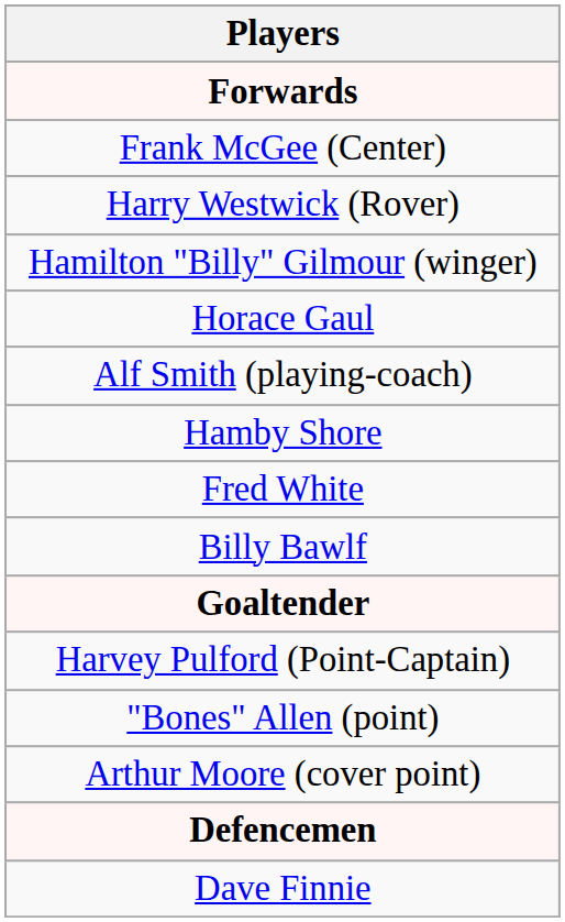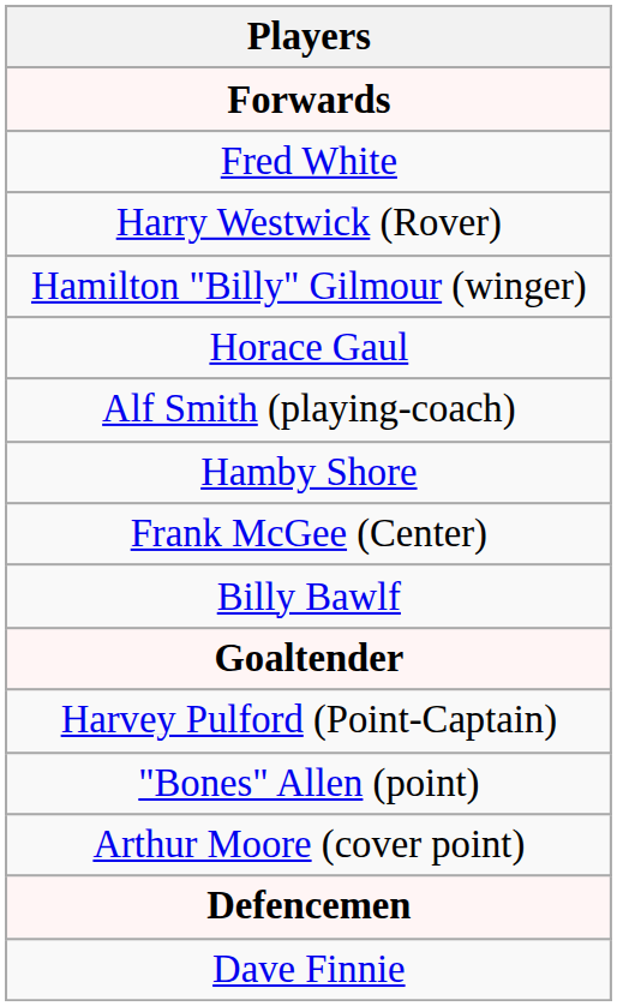 <table class="wikitable" style="text-align:center;">
 <tr>
 <th style="width: 240px;">Players</th>
 </tr>
 <tr style="font-weight:bold; background-color:#FFF5F5;">
 <td colspan="1" align="center"><strong>Forwards</strong></td>
 </tr>
 <tr>
-<td><a href='#'>Frank McGee</a> (Center)</td>
+<td><a href='#'>Fred White</a></td>
 </tr>
 <tr>
 <td><a href='#'>Harry Westwick</a> (Rover)</td>
 </tr>
 <tr>
 <td><a href='#'>Hamilton "Billy" Gilmour</a> (winger)</td>
 </tr>
 <tr>
 <td><a href='#'>Horace Gaul</a></td>
 </tr>
 <tr>
 <td><a href='#'>Alf Smith</a> (playing-coach)</td>
 </tr>
 <tr>
 <td><a href='#'>Hamby Shore</a></td>
 </tr>
 <tr>
-<td><a href='#'>Fred White</a></td>
+<td><a href='#'>Frank McGee</a> (Center)</td>
 </tr>
 <tr>
 <td><a href='#'>Billy Bawlf</a></td>
 </tr>
 <tr style="font-weight:bold; background-color:#FFF5F5;">
 <td colspan="1" align="center"><strong>Goaltender</strong></td>
 </tr>
 <tr>
 <td><a href='#'>Harvey Pulford</a> (Point-Captain)</td>
 </tr>
 <tr>
 <td><a href='#'>"Bones" Allen</a> (point)</td>
 </tr>
 <tr>
 <td><a href='#'>Arthur Moore</a> (cover point)</td>
 </tr>
 <tr style="font-weight:bold; background-color:#FFF5F5;">
 <td colspan="1" align="center"><strong>Defencemen</strong></td>
 </tr>
 <tr>
 <td><a href='#'>Dave Finnie</a></td>
 </tr>
 </table>
